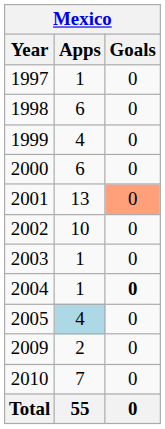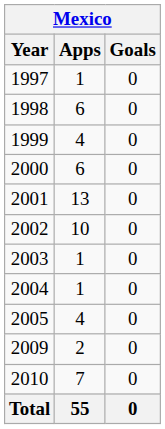 <table class="wikitable" style="text-align:center">
 <tr>
 <th colspan=3><a href='#'>Mexico</a></th>
 </tr>
 <tr>
 <th>Year</th>
 <th>Apps</th>
 <th>Goals</th>
 </tr>
 <tr>
 <td>1997</td>
 <td>1</td>
 <td>0</td>
 </tr>
 <tr>
 <td>1998</td>
 <td>6</td>
 <td>0</td>
 </tr>
 <tr>
 <td>1999</td>
 <td>4</td>
 <td>0</td>
 </tr>
 <tr>
 <td>2000</td>
 <td>6</td>
 <td>0</td>
 </tr>
 <tr>
 <td>2001</td>
 <td>13</td>
-<td style="background: lightsalmon;">0</td>
+<td>0</td>
 </tr>
 <tr>
 <td>2002</td>
 <td>10</td>
 <td>0</td>
 </tr>
 <tr>
 <td>2003</td>
 <td>1</td>
 <td>0</td>
 </tr>
 <tr>
 <td>2004</td>
 <td>1</td>
-<td><strong>0</strong></td>
+<td>0</td>
 </tr>
 <tr>
 <td>2005</td>
-<td style="background: lightblue;">4</td>
+<td>4</td>
 <td>0</td>
 </tr>
 <tr>
 <td>2009</td>
 <td>2</td>
 <td>0</td>
 </tr>
 <tr>
 <td>2010</td>
 <td>7</td>
 <td>0</td>
 </tr>
 <tr>
 <th>Total</th>
 <th>55</th>
 <th>0</th>
 </tr>
 </table>
